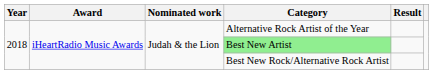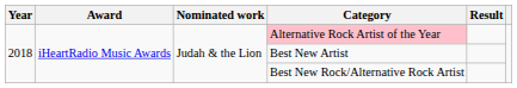 <table class="wikitable">
 <tr>
 <th>Year</th>
 <th>Award</th>
 <th>Nominated work</th>
 <th>Category</th>
 <th>Result</th>
 <th></th>
 </tr>
 <tr>
 <td rowspan="3">2018</td>
 <td rowspan="3"><a href='#'>iHeartRadio Music Awards</a></td>
 <td rowspan="3">Judah & the Lion</td>
-<td>Alternative Rock Artist of the Year</td>
+<td style="background: pink;">Alternative Rock Artist of the Year</td>
 <td></td>
 <td rowspan="3"></td>
 </tr>
 <tr>
-<td style="background: lightgreen;">Best New Artist</td>
+<td>Best New Artist</td>
 <td></td>
 </tr>
 <tr>
 <td>Best New Rock/Alternative Rock Artist</td>
 <td></td>
 </tr>
 </table>
